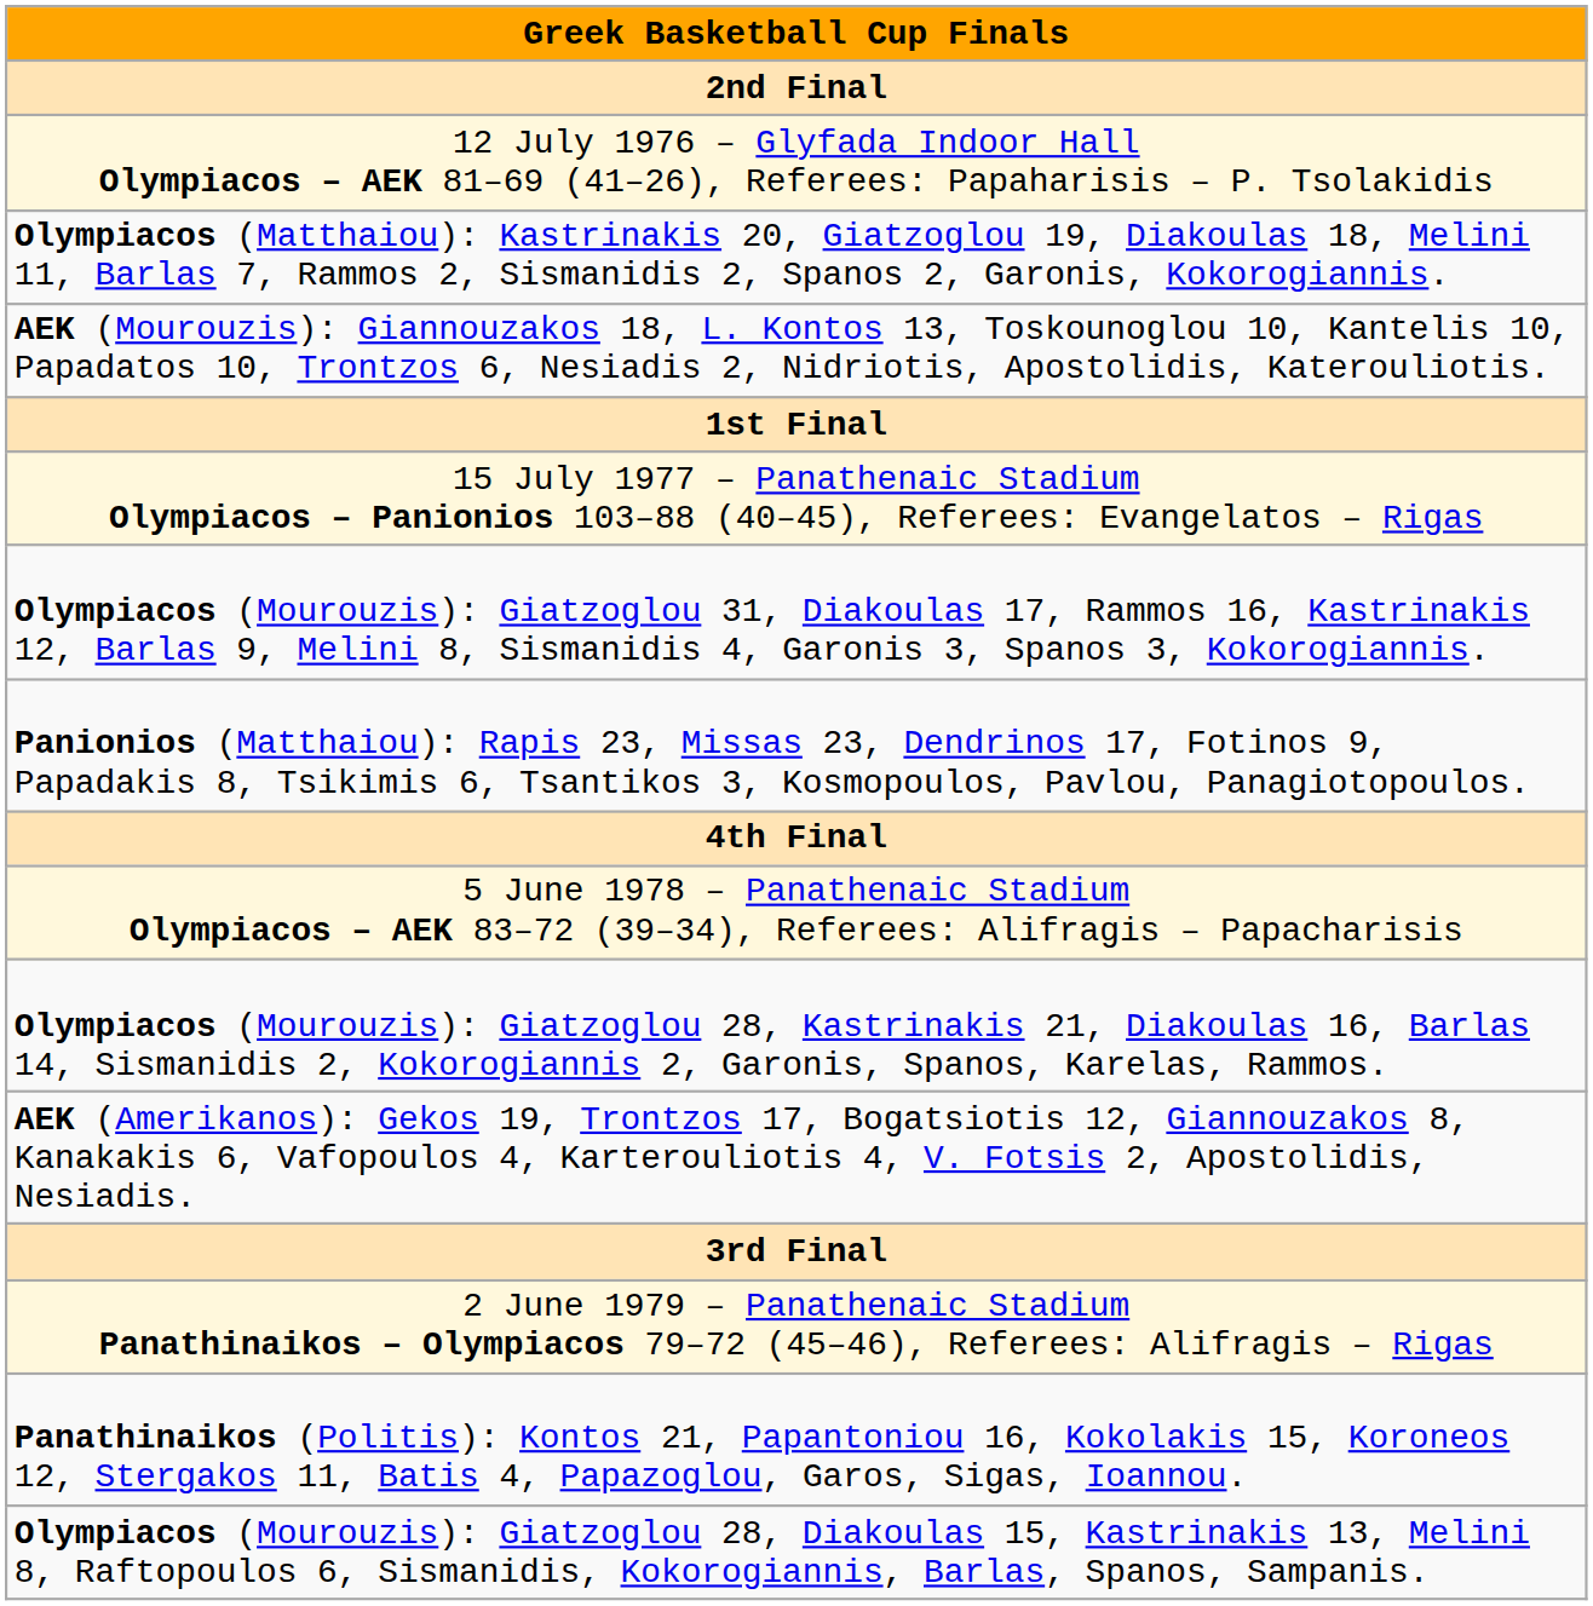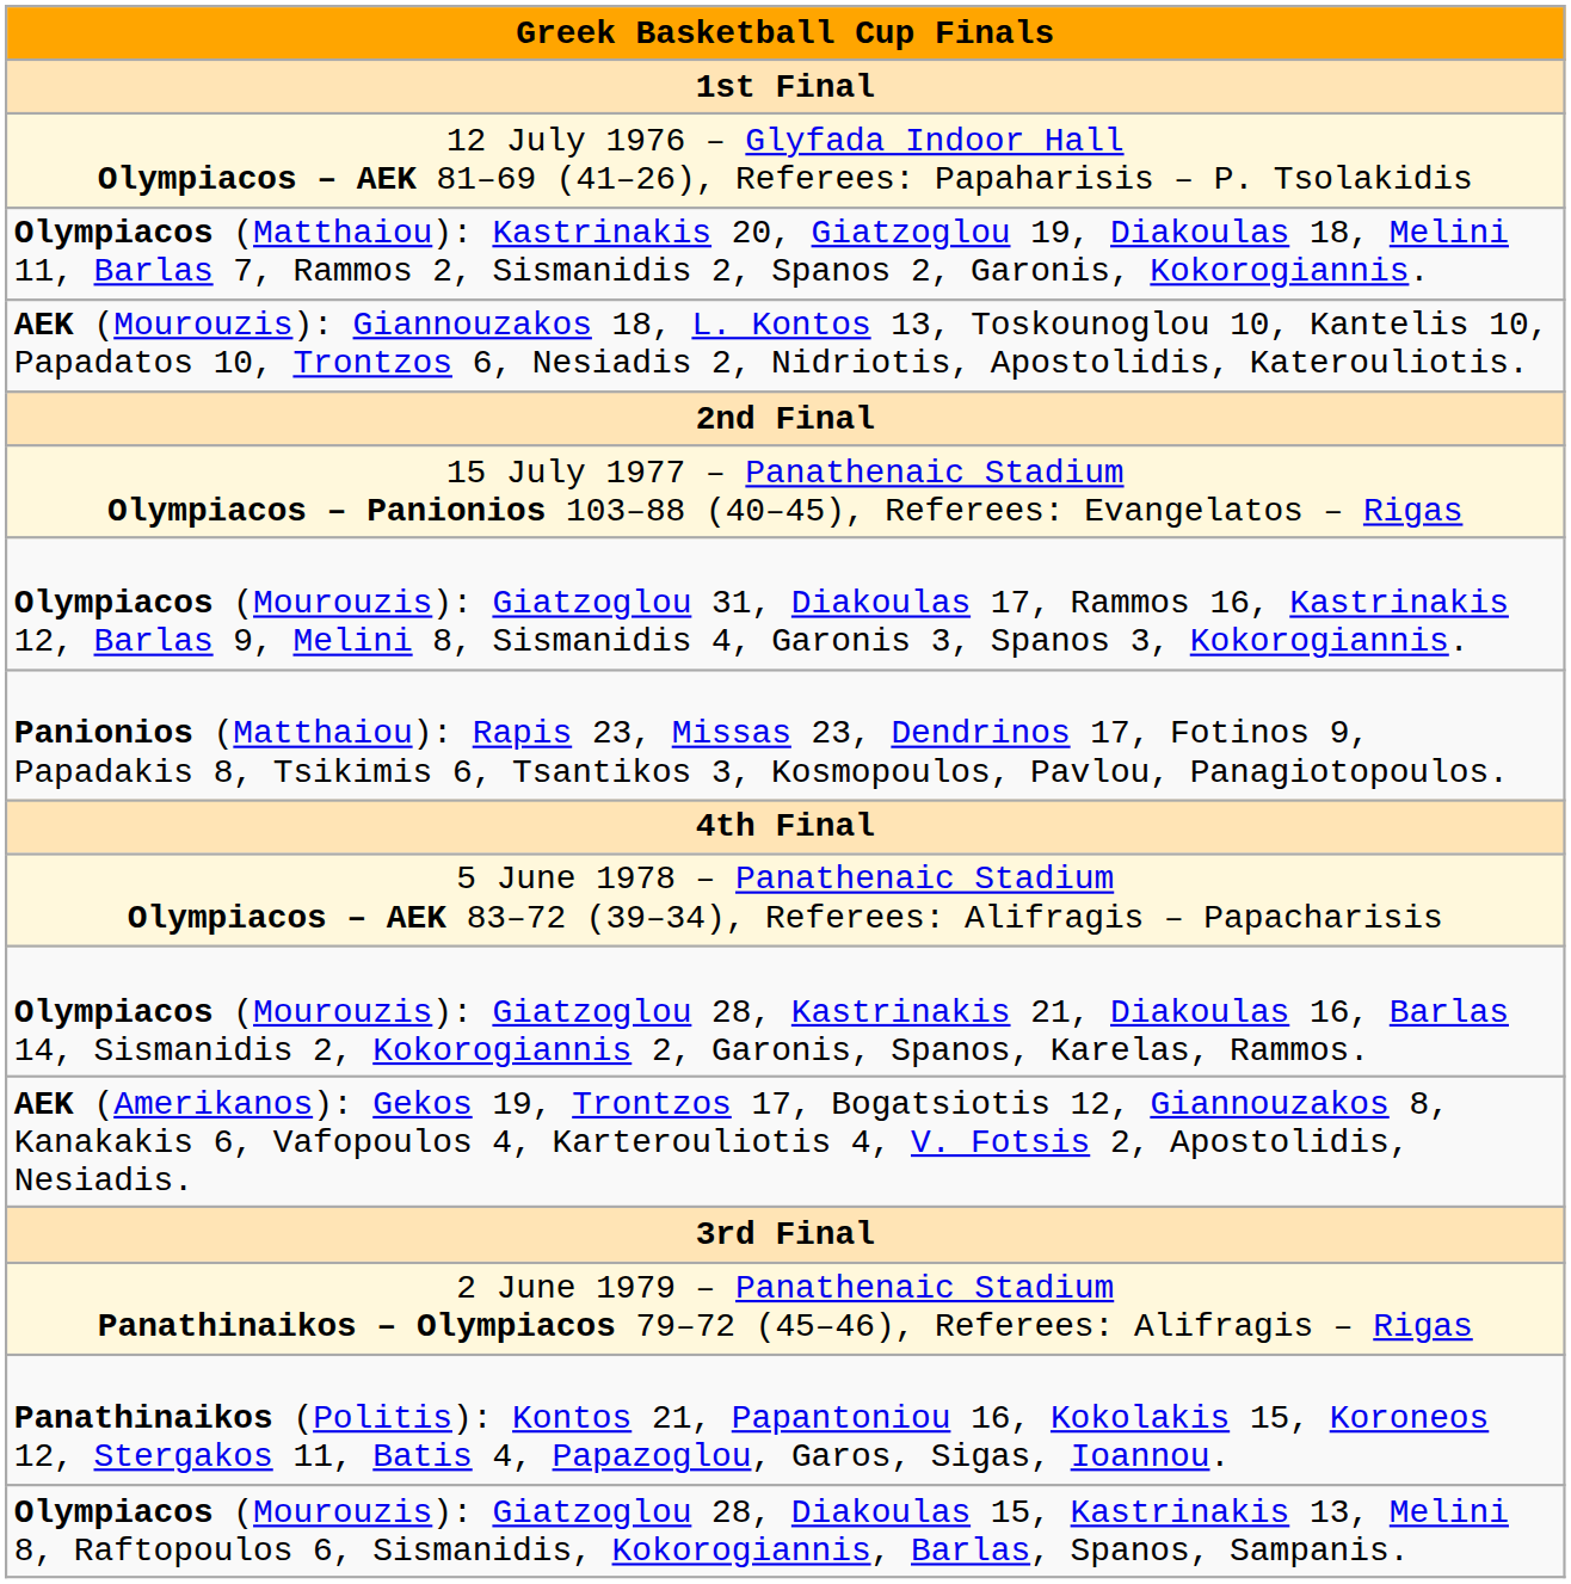 <table class="wikitable">
 <tr>
 <td align="center" bgcolor= #ffa500><strong>Greek Basketball Cup Finals</strong></td>
 </tr>
 <tr>
-<td align="center" bgcolor= #ffe4b5><strong> 2nd Final </strong></td>
+<td align="center" bgcolor= #ffe4b5><strong>1st Final</strong></td>
 </tr>
 <tr>
 <td align="center" bgcolor= #fff8dc>12 July 1976 – <a href='#'>Glyfada Indoor Hall</a><br><strong>Olympiacos – AEK</strong> 81–69 (41–26), Referees: Papaharisis  – P. Tsolakidis</td>
 </tr>
 <tr>
 <td><strong>Olympiacos</strong> (<a href='#'>Matthaiou</a>): <a href='#'>Kastrinakis</a> 20, <a href='#'>Giatzoglou</a> 19, <a href='#'>Diakoulas</a> 18, <a href='#'>Melini</a> 11, <a href='#'>Barlas</a> 7, Rammos 2, Sismanidis 2, Spanos 2, Garonis, <a href='#'>Kokorogiannis</a>.</td>
 </tr>
 <tr>
 <td><strong>AEK</strong> (<a href='#'>Mourouzis</a>): <a href='#'>Giannouzakos</a> 18, <a href='#'>L. Kontos</a> 13, Toskounoglou 10, Kantelis 10, Papadatos 10, <a href='#'>Trontzos</a> 6, Nesiadis 2, Nidriotis, Apostolidis, Katerouliotis.</td>
 </tr>
 <tr>
-<td align="center" bgcolor= #ffe4b5><strong>1st Final</strong></td>
+<td align="center" bgcolor= #ffe4b5><strong> 2nd Final </strong></td>
 </tr>
 <tr>
 <td align="center" bgcolor= #fff8dc>15 July 1977 – <a href='#'>Panathenaic Stadium</a><br><strong>Olympiacos – Panionios</strong> 103–88 (40–45), Referees: Evangelatos – <a href='#'>Rigas</a></td>
 </tr>
 <tr>
 <td><br><strong>Olympiacos</strong> (<a href='#'>Mourouzis</a>): <a href='#'>Giatzoglou</a> 31, <a href='#'>Diakoulas</a> 17, Rammos 16, <a href='#'>Kastrinakis</a> 12, <a href='#'>Barlas</a> 9, <a href='#'>Melini</a> 8, Sismanidis 4, Garonis 3, Spanos 3, <a href='#'>Kokorogiannis</a>.</td>
 </tr>
 <tr>
 <td><br><strong>Panionios</strong> (<a href='#'>Matthaiou</a>): <a href='#'>Rapis</a> 23, <a href='#'>Missas</a> 23, <a href='#'>Dendrinos</a> 17, Fotinos 9, Papadakis 8, Tsikimis 6, Tsantikos 3, Kosmopoulos, Pavlou, Panagiotopoulos.</td>
 </tr>
 <tr>
 <td align="center" bgcolor= #ffe4b5> <strong> 4th Final </strong></td>
 </tr>
 <tr>
 <td align="center" bgcolor= #fff8dc>5 June 1978 – <a href='#'>Panathenaic Stadium</a><br><strong>Olympiacos – AEK</strong> 83–72 (39–34), Referees: Alifragis – Papacharisis</td>
 </tr>
 <tr>
 <td><br><strong>Olympiacos</strong> (<a href='#'>Mourouzis</a>): <a href='#'>Giatzoglou</a> 28, <a href='#'>Kastrinakis</a> 21, <a href='#'>Diakoulas</a> 16, <a href='#'>Barlas</a> 14, Sismanidis 2, <a href='#'>Kokorogiannis</a> 2, Garonis, Spanos, Karelas, Rammos.</td>
 </tr>
 <tr>
 <td><strong>AEK</strong> (<a href='#'>Amerikanos</a>): <a href='#'>Gekos</a> 19, <a href='#'>Trontzos</a> 17, Bogatsiotis 12, <a href='#'>Giannouzakos</a> 8, Kanakakis 6, Vafopoulos 4, Karterouliotis 4, <a href='#'>V. Fotsis</a> 2, Apostolidis, Nesiadis.</td>
 </tr>
 <tr>
 <td align="center" bgcolor= #ffe4b5><strong>3rd Final </strong></td>
 </tr>
 <tr>
 <td align="center" bgcolor= #fff8dc>2 June 1979 – <a href='#'>Panathenaic Stadium</a><br><strong>Panathinaikos – Olympiacos</strong> 79–72 (45–46), Referees: Alifragis – <a href='#'>Rigas</a></td>
 </tr>
 <tr>
 <td><br><strong>Panathinaikos</strong> (<a href='#'>Politis</a>): <a href='#'>Kontos</a> 21, <a href='#'>Papantoniou</a> 16, <a href='#'>Kokolakis</a> 15, <a href='#'>Koroneos</a> 12, <a href='#'>Stergakos</a> 11, <a href='#'>Batis</a> 4, <a href='#'>Papazoglou</a>, Garos, Sigas, <a href='#'>Ioannou</a>.</td>
 </tr>
 <tr>
 <td><strong>Olympiacos</strong> (<a href='#'>Mourouzis</a>): <a href='#'>Giatzoglou</a> 28, <a href='#'>Diakoulas</a> 15, <a href='#'>Kastrinakis</a> 13, <a href='#'>Melini</a> 8, Raftopoulos 6, Sismanidis, <a href='#'>Kokorogiannis</a>, <a href='#'>Barlas</a>, Spanos, Sampanis.</td>
 </tr>
 </table>
